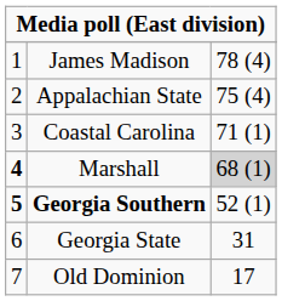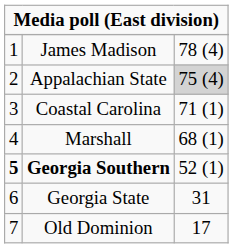 <table class="wikitable" style="display: inline-table;">
 <tr>
 <td align="center" Colspan="3"><strong>Media poll (East division)</strong></td>
 </tr>
 <tr align="center">
 </tr>
 <tr align="center">
 <td>1</td>
 <td>James Madison</td>
 <td>78 (4)</td>
 </tr>
 <tr align="center">
 <td>2</td>
 <td>Appalachian State</td>
-<td>75 (4)</td>
+<td style="background: lightgrey;">75 (4)</td>
 </tr>
 <tr align="center">
 <td>3</td>
 <td>Coastal Carolina</td>
 <td>71 (1)</td>
 </tr>
 <tr align="center">
-<td><strong>4</strong></td>
+<td>4</td>
 <td>Marshall</td>
-<td style="background: lightgrey;">68 (1)</td>
+<td>68 (1)</td>
 </tr>
 <tr align="center">
 <td><strong>5</strong></td>
 <td><strong>Georgia Southern</strong></td>
 <td>52 (1)</td>
 </tr>
 <tr align="center">
 <td>6</td>
 <td>Georgia State</td>
 <td>31</td>
 </tr>
 <tr align="center">
 <td>7</td>
 <td>Old Dominion</td>
 <td>17</td>
 </tr>
 </table>
